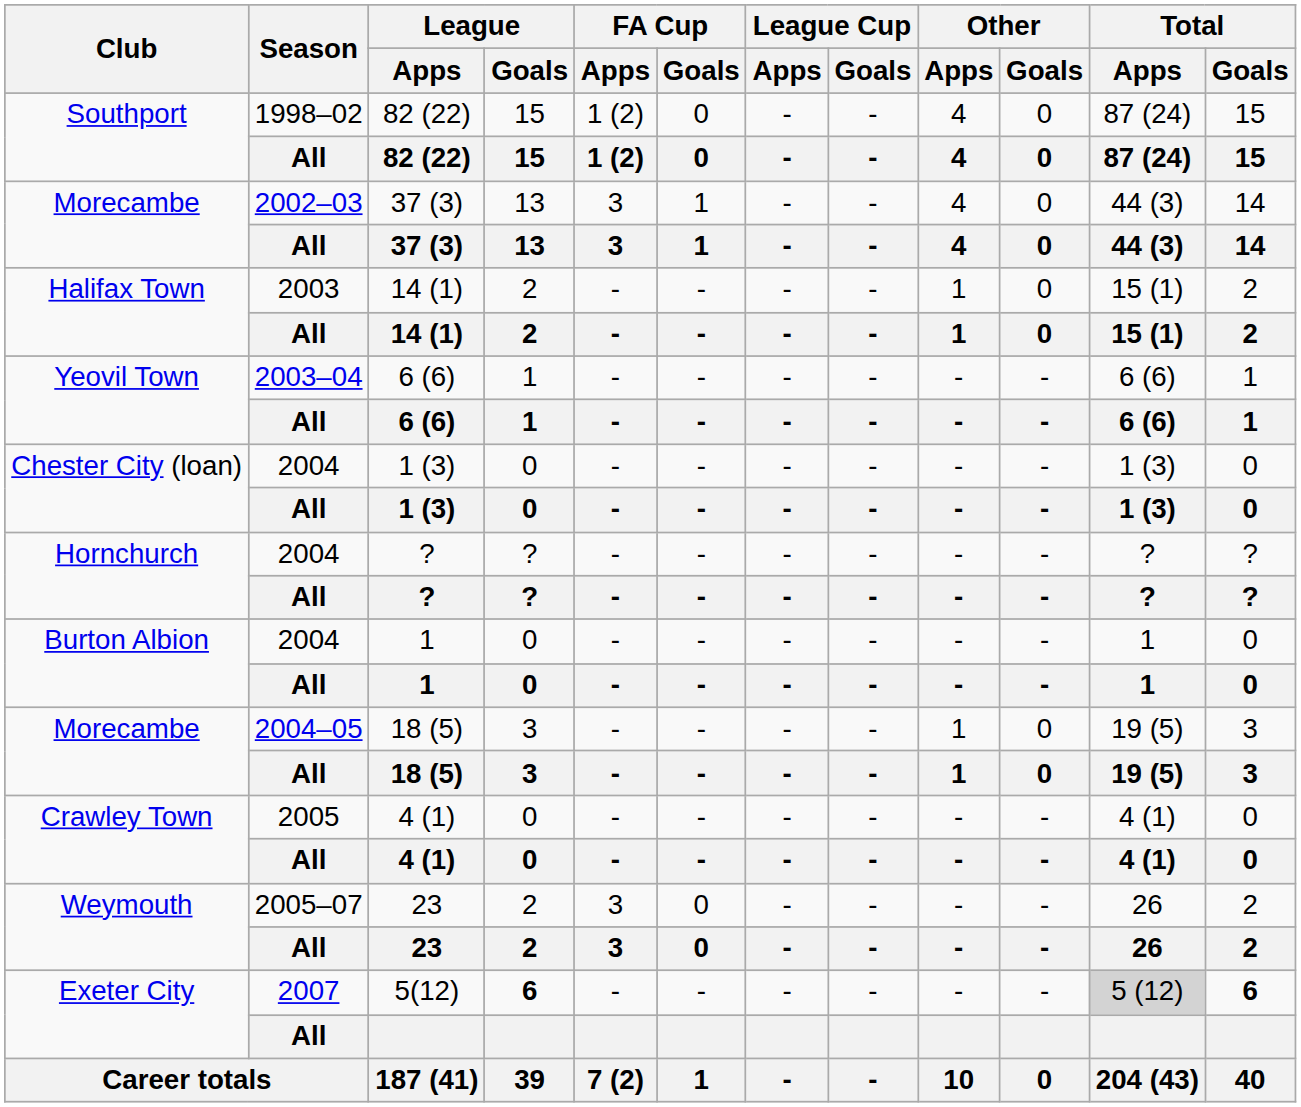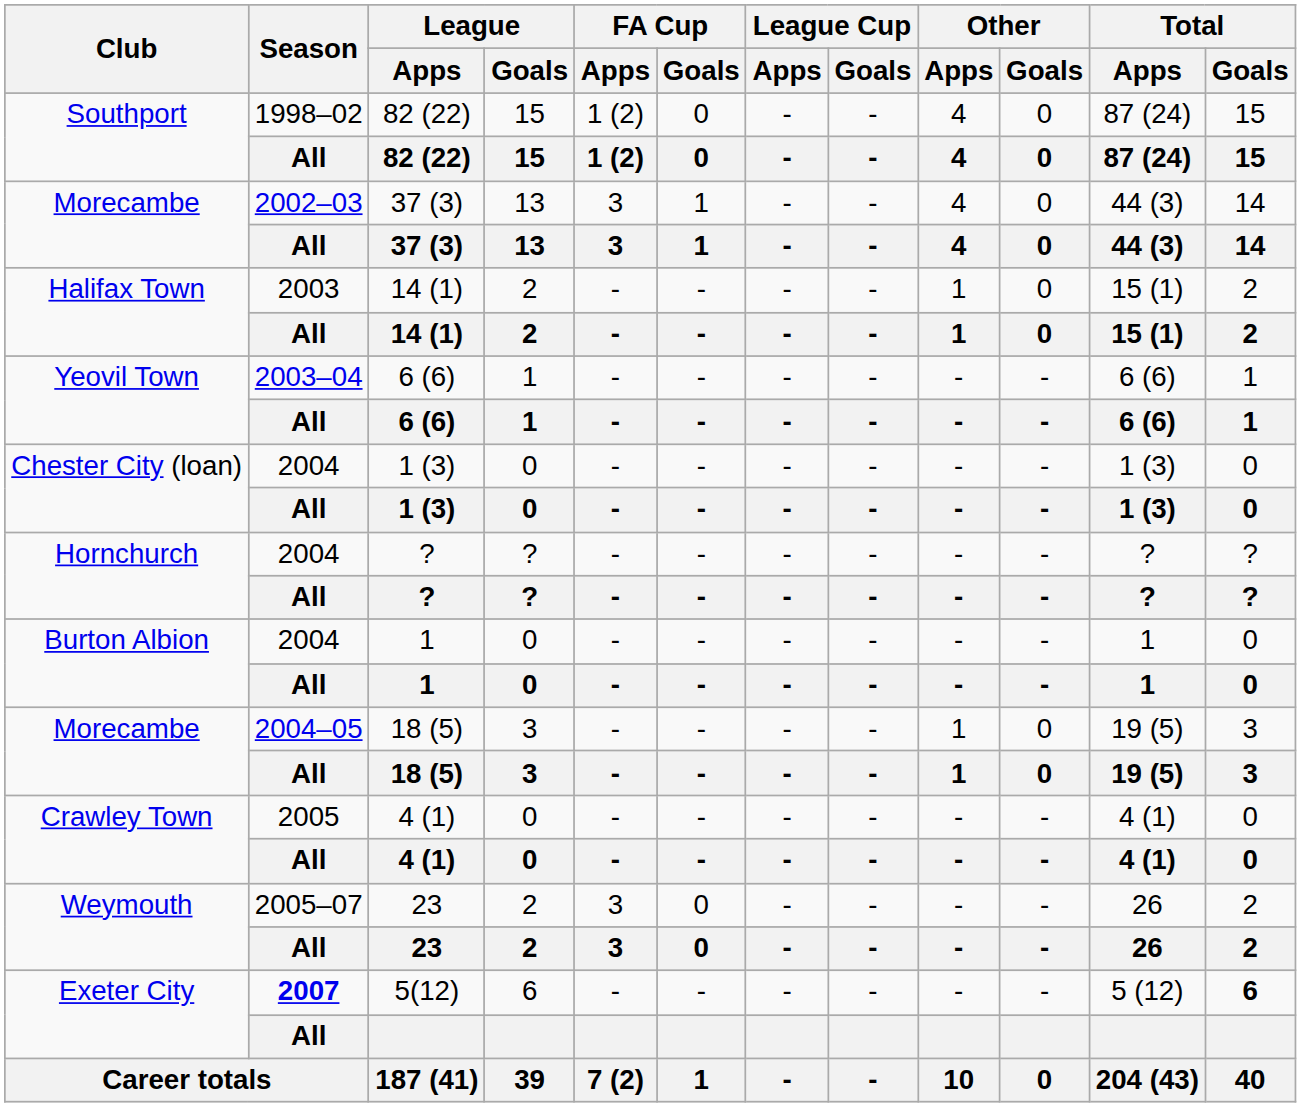 <table class="wikitable" style="text-align:center">
 <tr>
 <th rowspan="2">Club</th>
 <th rowspan="2">Season</th>
 <th colspan="2">League</th>
 <th colspan="2">FA Cup</th>
 <th colspan="2">League Cup</th>
 <th colspan="2">Other</th>
 <th colspan="2">Total</th>
 </tr>
 <tr>
 <th>Apps</th>
 <th>Goals</th>
 <th>Apps</th>
 <th>Goals</th>
 <th>Apps</th>
 <th>Goals</th>
 <th>Apps</th>
 <th>Goals</th>
 <th>Apps</th>
 <th>Goals</th>
 </tr>
 <tr>
 <td rowspan="2" valign="top"><a href='#'>Southport</a></td>
 <td>1998–02</td>
 <td>82 (22)</td>
 <td>15</td>
 <td>1 (2)</td>
 <td>0</td>
 <td>-</td>
 <td>-</td>
 <td>4</td>
 <td>0</td>
 <td>87 (24)</td>
 <td>15</td>
 </tr>
 <tr>
 <th>All</th>
 <th>82 (22)</th>
 <th>15</th>
 <th>1 (2)</th>
 <th>0</th>
 <th>-</th>
 <th>-</th>
 <th>4</th>
 <th>0</th>
 <th>87 (24)</th>
 <th>15</th>
 </tr>
 <tr>
 <td rowspan="2" valign="top"><a href='#'>Morecambe</a></td>
 <td><a href='#'>2002–03</a></td>
 <td>37 (3)</td>
 <td>13</td>
 <td>3</td>
 <td>1</td>
 <td>-</td>
 <td>-</td>
 <td>4</td>
 <td>0</td>
 <td>44 (3)</td>
 <td>14</td>
 </tr>
 <tr>
 <th>All</th>
 <th>37 (3)</th>
 <th>13</th>
 <th>3</th>
 <th>1</th>
 <th>-</th>
 <th>-</th>
 <th>4</th>
 <th>0</th>
 <th>44 (3)</th>
 <th>14</th>
 </tr>
 <tr>
 <td rowspan="2" valign="top"><a href='#'>Halifax Town</a></td>
 <td>2003</td>
 <td>14 (1)</td>
 <td>2</td>
 <td>-</td>
 <td>-</td>
 <td>-</td>
 <td>-</td>
 <td>1</td>
 <td>0</td>
 <td>15 (1)</td>
 <td>2</td>
 </tr>
 <tr>
 <th>All</th>
 <th>14 (1)</th>
 <th>2</th>
 <th>-</th>
 <th>-</th>
 <th>-</th>
 <th>-</th>
 <th>1</th>
 <th>0</th>
 <th>15 (1)</th>
 <th>2</th>
 </tr>
 <tr>
 <td rowspan="2" valign="top"><a href='#'>Yeovil Town</a></td>
 <td><a href='#'>2003–04</a></td>
 <td>6 (6)</td>
 <td>1</td>
 <td>-</td>
 <td>-</td>
 <td>-</td>
 <td>-</td>
 <td>-</td>
 <td>-</td>
 <td>6 (6)</td>
 <td>1</td>
 </tr>
 <tr>
 <th>All</th>
 <th>6 (6)</th>
 <th>1</th>
 <th>-</th>
 <th>-</th>
 <th>-</th>
 <th>-</th>
 <th>-</th>
 <th>-</th>
 <th>6 (6)</th>
 <th>1</th>
 </tr>
 <tr>
 <td rowspan="2" valign="top"><a href='#'>Chester City</a> (loan)</td>
 <td>2004</td>
 <td>1 (3)</td>
 <td>0</td>
 <td>-</td>
 <td>-</td>
 <td>-</td>
 <td>-</td>
 <td>-</td>
 <td>-</td>
 <td>1 (3)</td>
 <td>0</td>
 </tr>
 <tr>
 <th>All</th>
 <th>1 (3)</th>
 <th>0</th>
 <th>-</th>
 <th>-</th>
 <th>-</th>
 <th>-</th>
 <th>-</th>
 <th>-</th>
 <th>1 (3)</th>
 <th>0</th>
 </tr>
 <tr>
 <td rowspan="2" valign="top"><a href='#'>Hornchurch</a></td>
 <td>2004</td>
 <td>?</td>
 <td>?</td>
 <td>-</td>
 <td>-</td>
 <td>-</td>
 <td>-</td>
 <td>-</td>
 <td>-</td>
 <td>?</td>
 <td>?</td>
 </tr>
 <tr>
 <th>All</th>
 <th>?</th>
 <th>?</th>
 <th>-</th>
 <th>-</th>
 <th>-</th>
 <th>-</th>
 <th>-</th>
 <th>-</th>
 <th>?</th>
 <th>?</th>
 </tr>
 <tr>
 <td rowspan="2" valign="top"><a href='#'>Burton Albion</a></td>
 <td>2004</td>
 <td>1</td>
 <td>0</td>
 <td>-</td>
 <td>-</td>
 <td>-</td>
 <td>-</td>
 <td>-</td>
 <td>-</td>
 <td>1</td>
 <td>0</td>
 </tr>
 <tr>
 <th>All</th>
 <th>1</th>
 <th>0</th>
 <th>-</th>
 <th>-</th>
 <th>-</th>
 <th>-</th>
 <th>-</th>
 <th>-</th>
 <th>1</th>
 <th>0</th>
 </tr>
 <tr>
 <td rowspan="2" valign="top"><a href='#'>Morecambe</a></td>
 <td><a href='#'>2004–05</a></td>
 <td>18 (5)</td>
 <td>3</td>
 <td>-</td>
 <td>-</td>
 <td>-</td>
 <td>-</td>
 <td>1</td>
 <td>0</td>
 <td>19 (5)</td>
 <td>3</td>
 </tr>
 <tr>
 <th>All</th>
 <th>18 (5)</th>
 <th>3</th>
 <th>-</th>
 <th>-</th>
 <th>-</th>
 <th>-</th>
 <th>1</th>
 <th>0</th>
 <th>19 (5)</th>
 <th>3</th>
 </tr>
 <tr>
 <td rowspan="2" valign="top"><a href='#'>Crawley Town</a></td>
 <td>2005</td>
 <td>4 (1)</td>
 <td>0</td>
 <td>-</td>
 <td>-</td>
 <td>-</td>
 <td>-</td>
 <td>-</td>
 <td>-</td>
 <td>4 (1)</td>
 <td>0</td>
 </tr>
 <tr>
 <th>All</th>
 <th>4 (1)</th>
 <th>0</th>
 <th>-</th>
 <th>-</th>
 <th>-</th>
 <th>-</th>
 <th>-</th>
 <th>-</th>
 <th>4 (1)</th>
 <th>0</th>
 </tr>
 <tr>
 <td rowspan="2" valign="top"><a href='#'>Weymouth</a></td>
 <td>2005–07</td>
 <td>23</td>
 <td>2</td>
 <td>3</td>
 <td>0</td>
 <td>-</td>
 <td>-</td>
 <td>-</td>
 <td>-</td>
 <td>26</td>
 <td>2</td>
 </tr>
 <tr>
 <th>All</th>
 <th>23</th>
 <th>2</th>
 <th>3</th>
 <th>0</th>
 <th>-</th>
 <th>-</th>
 <th>-</th>
 <th>-</th>
 <th>26</th>
 <th>2</th>
 </tr>
 <tr>
 <td rowspan="2" valign="top"><a href='#'>Exeter City</a></td>
-<td><a href='#'>2007</a></td>
+<td><strong><a href='#'>2007</a></strong></td>
 <td>5(12)</td>
-<td><strong>6</strong></td>
+<td>6</td>
 <td>-</td>
 <td>-</td>
 <td>-</td>
 <td>-</td>
 <td>-</td>
 <td>-</td>
-<td style="background: lightgrey;">5 (12)</td>
+<td>5 (12)</td>
 <td><strong>6</strong></td>
 </tr>
 <tr>
 <th>All</th>
 <th></th>
 <th></th>
 <th></th>
 <th></th>
 <th></th>
 <th></th>
 <th></th>
 <th></th>
 <th></th>
 <th></th>
 </tr>
 <tr>
 <th colspan="2">Career totals</th>
 <th>187 (41)</th>
 <th>39</th>
 <th>7 (2)</th>
 <th>1</th>
 <th>-</th>
 <th>-</th>
 <th>10</th>
 <th>0</th>
 <th>204 (43)</th>
 <th>40</th>
 </tr>
 </table>
